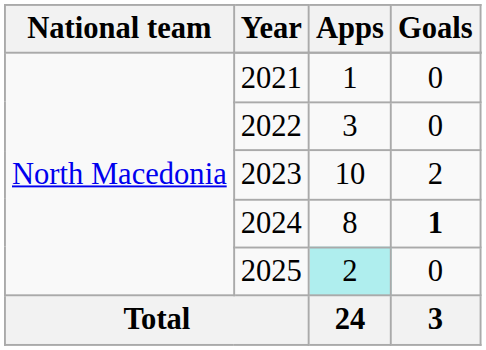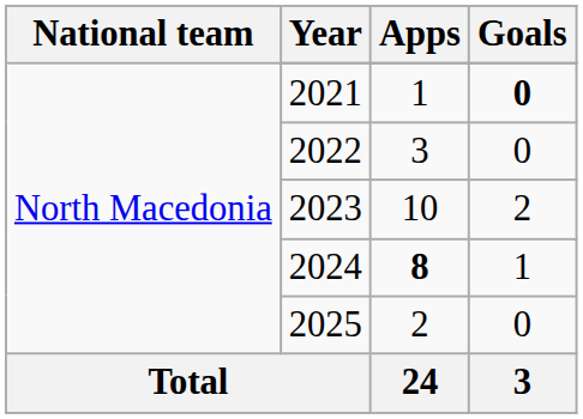 <table class="wikitable" style="text-align:center">
 <tr>
 <th>National team</th>
 <th>Year</th>
 <th>Apps</th>
 <th>Goals</th>
 </tr>
 <tr>
 <td rowspan=6><a href='#'>North Macedonia</a></td>
 </tr>
 <tr>
 <td>2021</td>
 <td>1</td>
-<td>0</td>
+<td><strong>0</strong></td>
 </tr>
 <tr>
 <td>2022</td>
 <td>3</td>
 <td>0</td>
 </tr>
 <tr>
 <td>2023</td>
 <td>10</td>
 <td>2</td>
 </tr>
 <tr>
 <td>2024</td>
-<td>8</td>
-<td><strong>1</strong></td>
+<td><strong>8</strong></td>
+<td>1</td>
 </tr>
 <tr>
 <td>2025</td>
-<td style="background: paleturquoise;">2</td>
+<td>2</td>
 <td>0</td>
 </tr>
 <tr>
 <th colspan="2">Total</th>
 <th>24</th>
 <th>3</th>
 </tr>
 </table>
